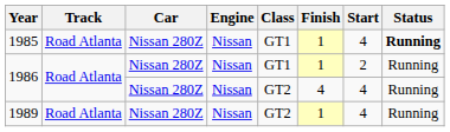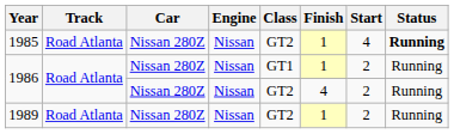 <table class="wikitable" style="text-align:center; font-size:90%">
 <tr>
 <th>Year</th>
 <th>Track</th>
 <th>Car</th>
 <th>Engine</th>
 <th>Class</th>
 <th>Finish</th>
 <th>Start</th>
 <th>Status</th>
 </tr>
 <tr>
 <td>1985</td>
 <td><a href='#'>Road Atlanta</a></td>
 <td><a href='#'>Nissan 280Z</a></td>
 <td><a href='#'>Nissan</a></td>
-<td>GT1</td>
+<td>GT2</td>
 <td style="background:#FFFFBF;">1</td>
 <td>4</td>
 <td><strong>Running</strong></td>
 </tr>
 <tr>
 <td rowspan=2>1986</td>
 <td rowspan=2><a href='#'>Road Atlanta</a></td>
 <td><a href='#'>Nissan 280Z</a></td>
 <td><a href='#'>Nissan</a></td>
 <td>GT1</td>
 <td style="background:#FFFFBF;">1</td>
 <td>2</td>
 <td>Running</td>
 </tr>
 <tr>
 <td><a href='#'>Nissan 280Z</a></td>
 <td><a href='#'>Nissan</a></td>
 <td>GT2</td>
 <td>4</td>
-<td>4</td>
+<td>2</td>
 <td>Running</td>
 </tr>
 <tr>
 <td>1989</td>
 <td><a href='#'>Road Atlanta</a></td>
 <td><a href='#'>Nissan 280Z</a></td>
 <td><a href='#'>Nissan</a></td>
 <td>GT2</td>
 <td style="background:#FFFFBF;">1</td>
-<td>4</td>
+<td>2</td>
 <td>Running</td>
 </tr>
 </table>
